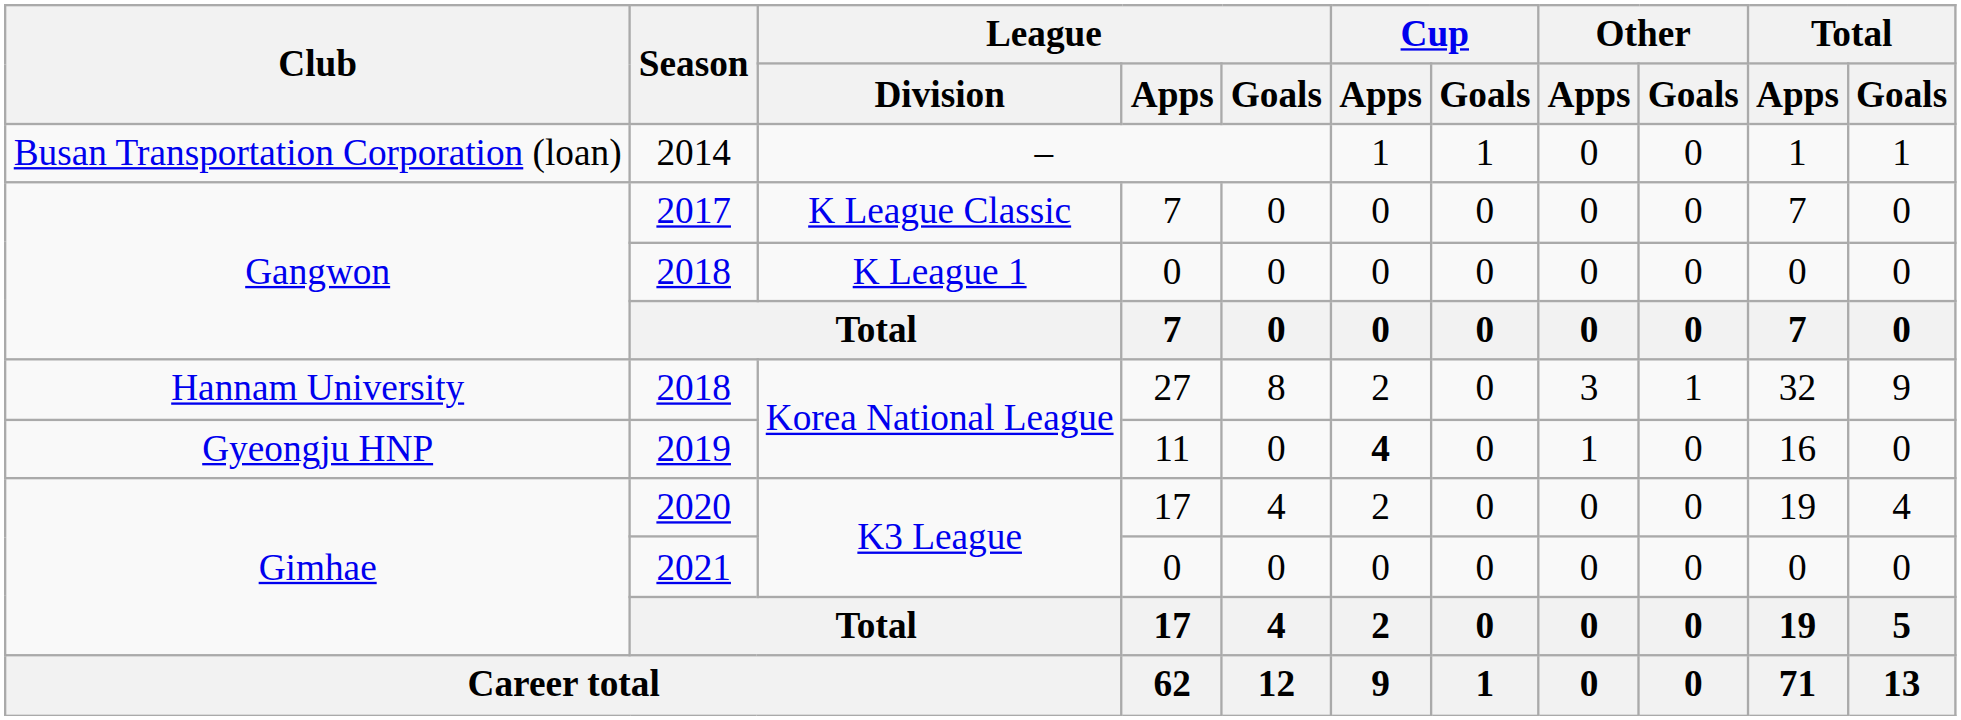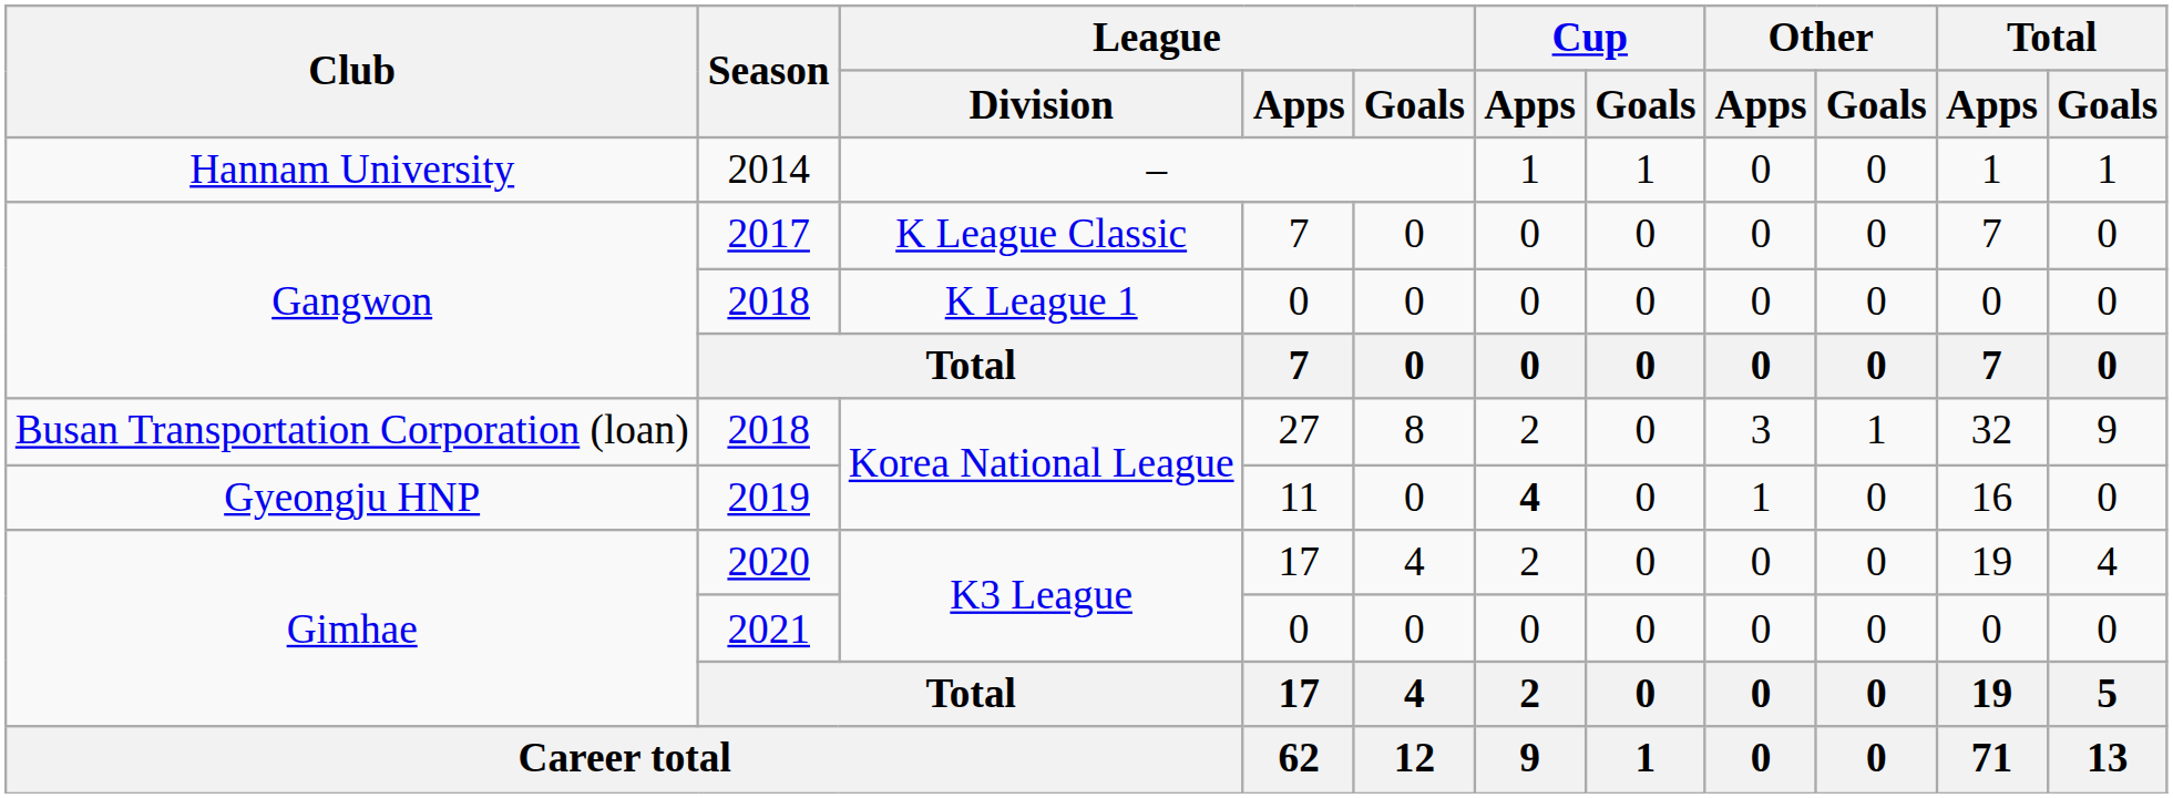 <table class="wikitable" style="text-align:center">
 <tr>
 <th rowspan="2">Club</th>
 <th rowspan="2">Season</th>
 <th colspan="3">League</th>
 <th colspan="2"><a href='#'>Cup</a></th>
 <th colspan="2">Other</th>
 <th colspan="2">Total</th>
 </tr>
 <tr>
 <th>Division</th>
 <th>Apps</th>
 <th>Goals</th>
 <th>Apps</th>
 <th>Goals</th>
 <th>Apps</th>
 <th>Goals</th>
 <th>Apps</th>
 <th>Goals</th>
 </tr>
 <tr>
-<td><a href='#'>Busan Transportation Corporation</a> (loan)</td>
+<td><a href='#'>Hannam University</a></td>
 <td>2014</td>
 <td colspan="3">–</td>
 <td>1</td>
 <td>1</td>
 <td>0</td>
 <td>0</td>
 <td>1</td>
 <td>1</td>
 </tr>
 <tr>
 <td rowspan="3"><a href='#'>Gangwon</a></td>
 <td><a href='#'>2017</a></td>
 <td><a href='#'>K League Classic</a></td>
 <td>7</td>
 <td>0</td>
 <td>0</td>
 <td>0</td>
 <td>0</td>
 <td>0</td>
 <td>7</td>
 <td>0</td>
 </tr>
 <tr>
 <td><a href='#'>2018</a></td>
 <td><a href='#'>K League 1</a></td>
 <td>0</td>
 <td>0</td>
 <td>0</td>
 <td>0</td>
 <td>0</td>
 <td>0</td>
 <td>0</td>
 <td>0</td>
 </tr>
 <tr>
 <th colspan=2>Total</th>
 <th>7</th>
 <th>0</th>
 <th>0</th>
 <th>0</th>
 <th>0</th>
 <th>0</th>
 <th>7</th>
 <th>0</th>
 </tr>
 <tr>
-<td><a href='#'>Hannam University</a></td>
+<td><a href='#'>Busan Transportation Corporation</a> (loan)</td>
 <td><a href='#'>2018</a></td>
 <td rowspan="2"><a href='#'>Korea National League</a></td>
 <td>27</td>
 <td>8</td>
 <td>2</td>
 <td>0</td>
 <td>3</td>
 <td>1</td>
 <td>32</td>
 <td>9</td>
 </tr>
 <tr>
 <td><a href='#'>Gyeongju HNP</a></td>
 <td><a href='#'>2019</a></td>
 <td>11</td>
 <td>0</td>
 <td><strong>4</strong></td>
 <td>0</td>
 <td>1</td>
 <td>0</td>
 <td>16</td>
 <td>0</td>
 </tr>
 <tr>
 <td rowspan="3"><a href='#'>Gimhae</a></td>
 <td><a href='#'>2020</a></td>
 <td rowspan="2"><a href='#'>K3 League</a></td>
 <td>17</td>
 <td>4</td>
 <td>2</td>
 <td>0</td>
 <td>0</td>
 <td>0</td>
 <td>19</td>
 <td>4</td>
 </tr>
 <tr>
 <td><a href='#'>2021</a></td>
 <td>0</td>
 <td>0</td>
 <td>0</td>
 <td>0</td>
 <td>0</td>
 <td>0</td>
 <td>0</td>
 <td>0</td>
 </tr>
 <tr>
 <th colspan=2>Total</th>
 <th>17</th>
 <th>4</th>
 <th>2</th>
 <th>0</th>
 <th>0</th>
 <th>0</th>
 <th>19</th>
 <th>5</th>
 </tr>
 <tr>
 <th colspan=3>Career total</th>
 <th>62</th>
 <th>12</th>
 <th>9</th>
 <th>1</th>
 <th>0</th>
 <th>0</th>
 <th>71</th>
 <th>13</th>
 </tr>
 </table>
